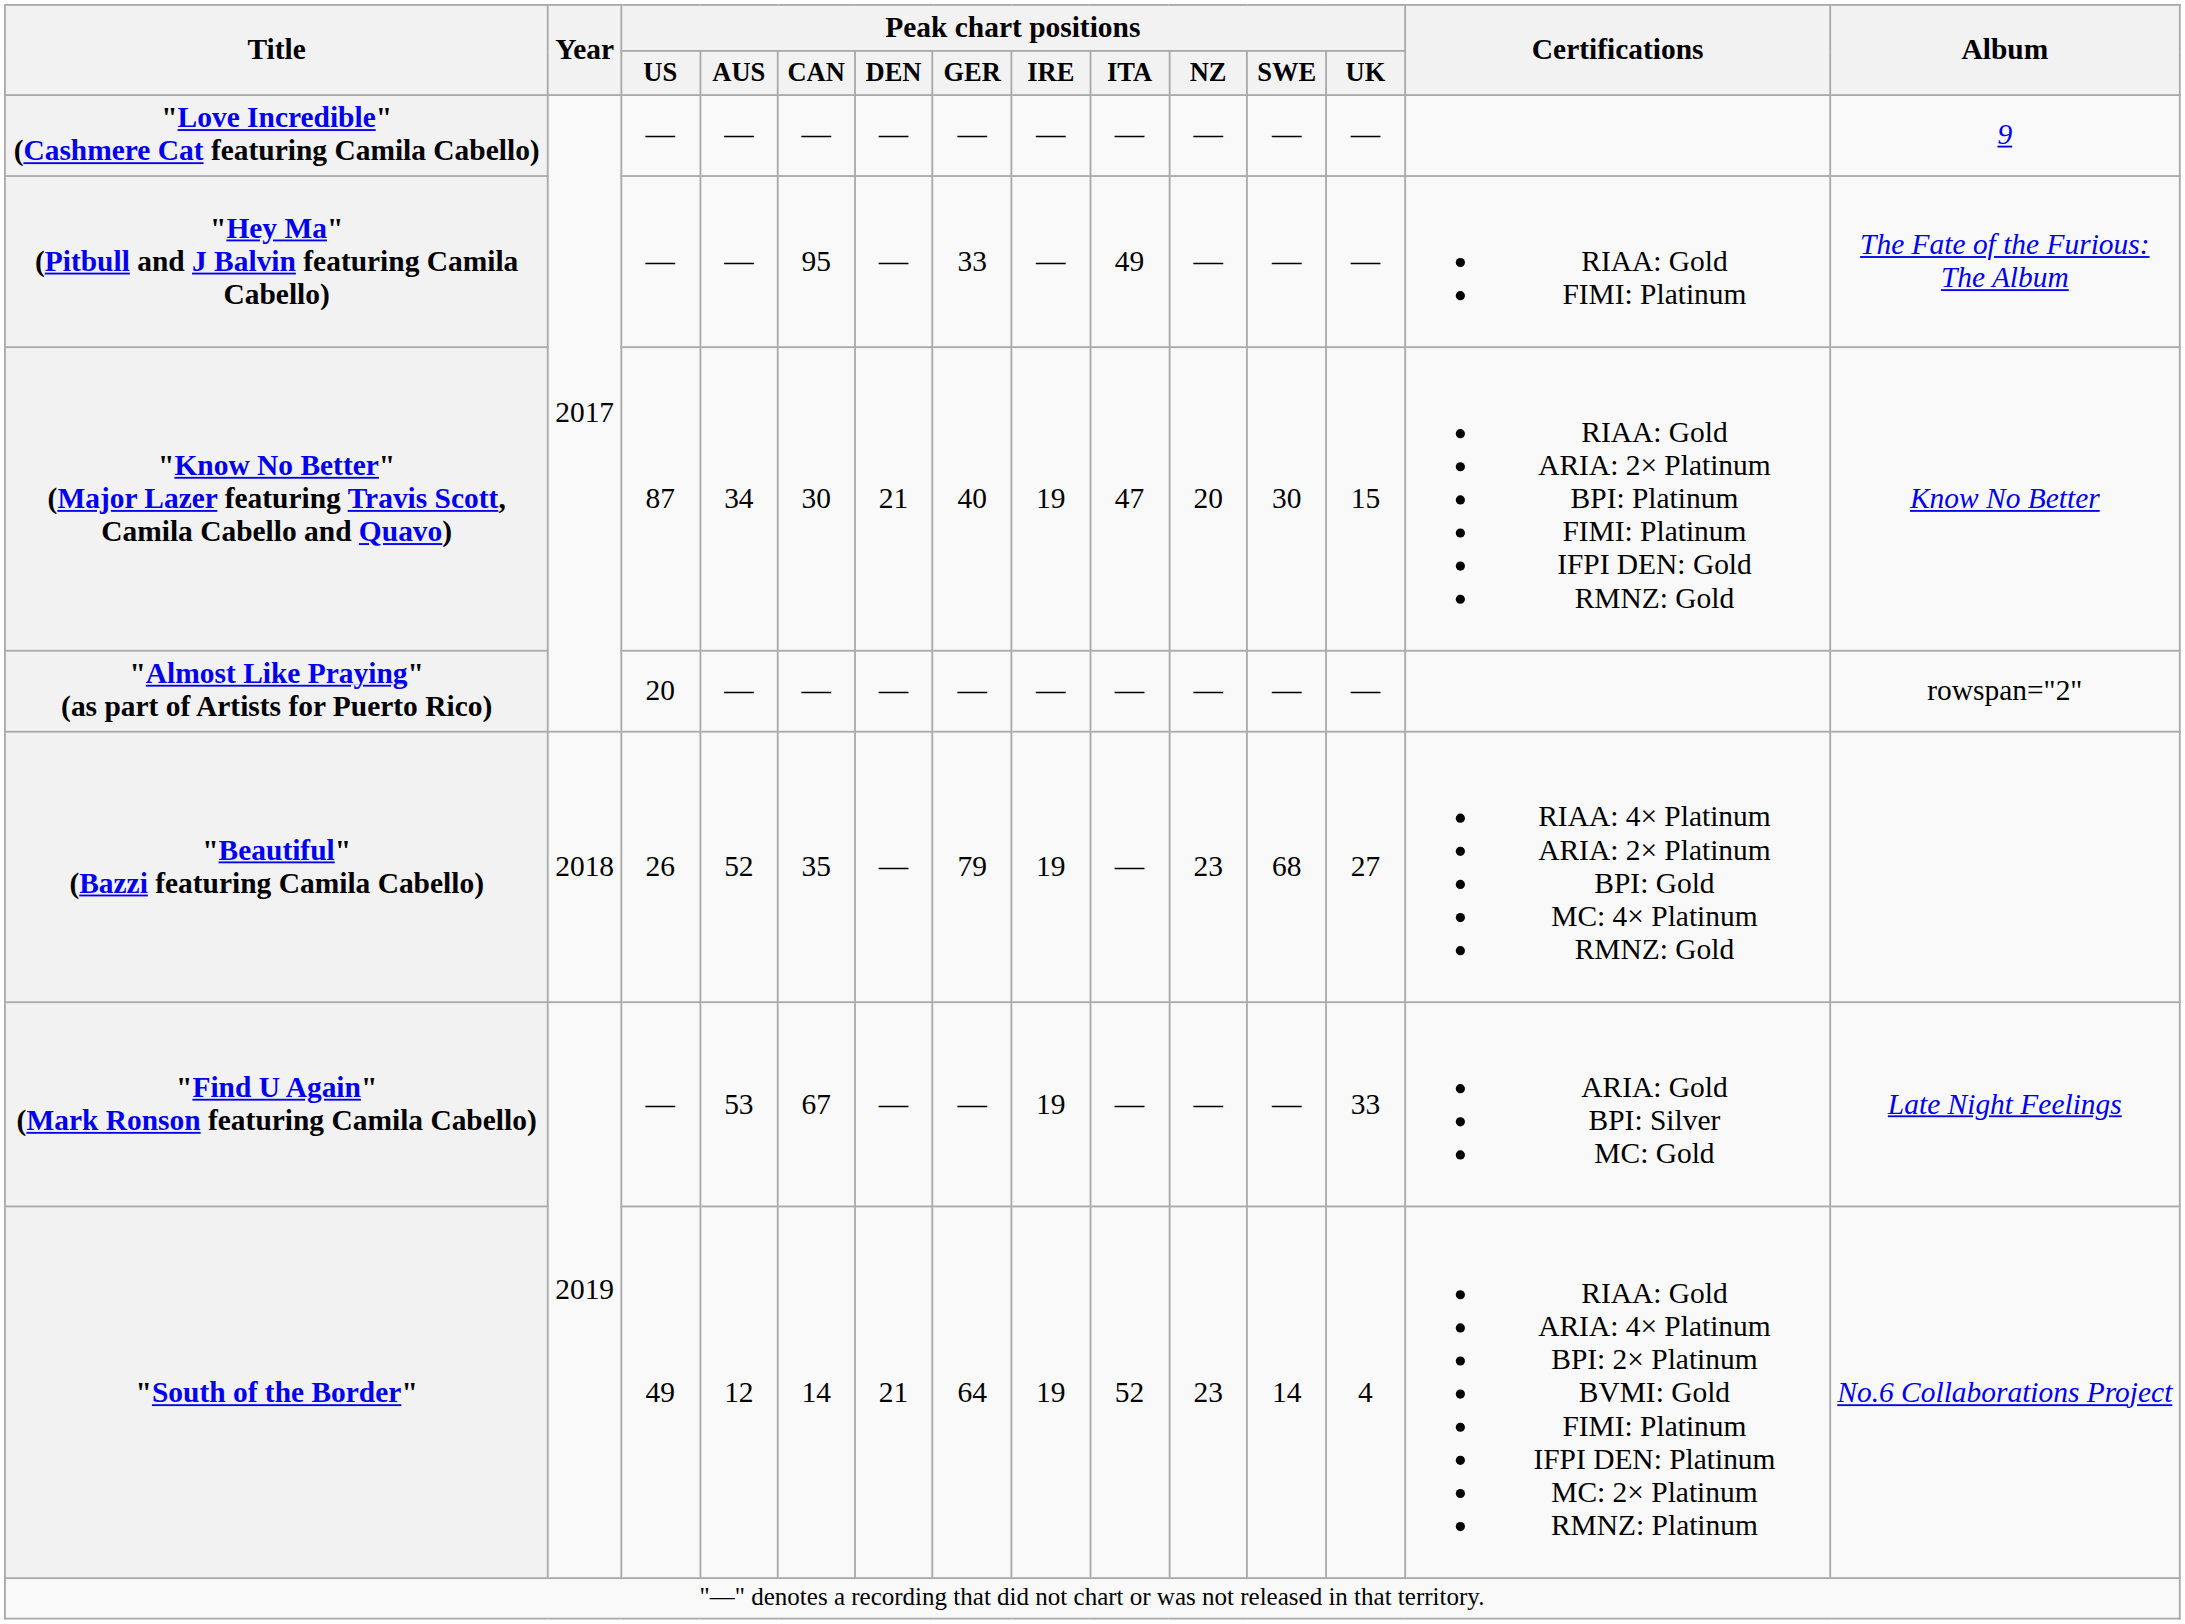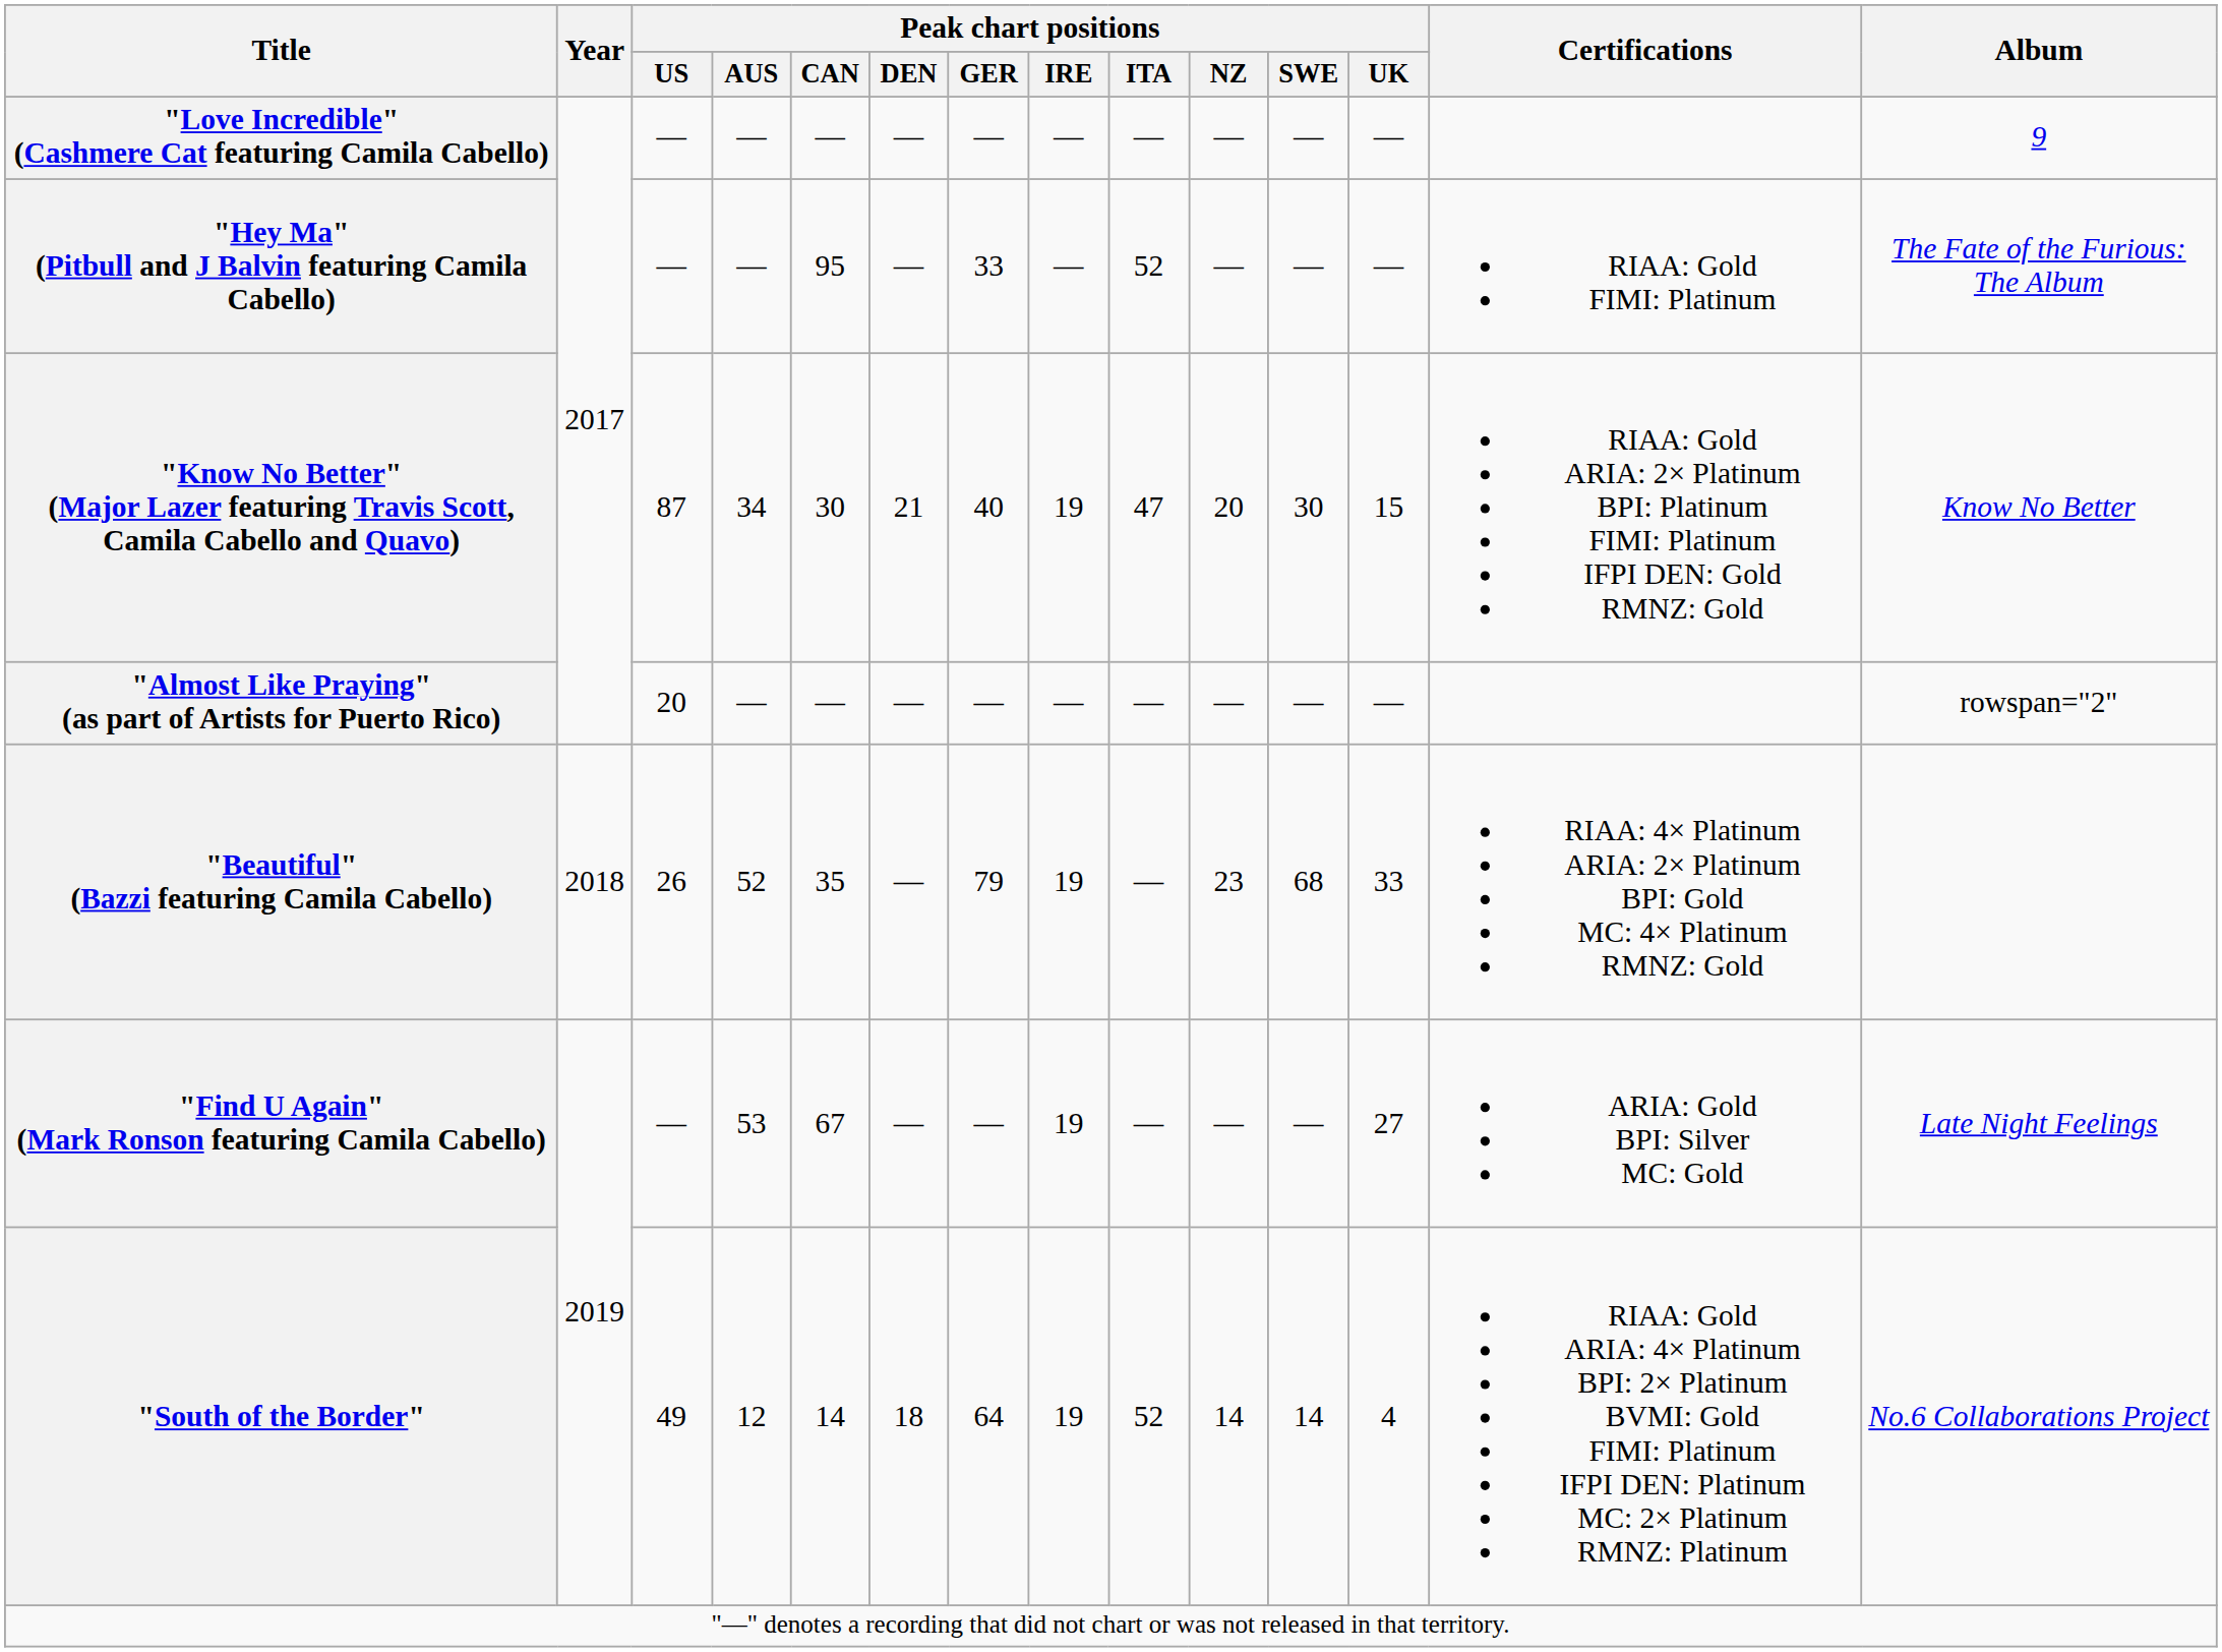 <table class="wikitable plainrowheaders" style="text-align:center;">
 <tr>
 <th scope="col" rowspan="2" style="width:18em;">Title</th>
 <th scope="col" rowspan="2">Year</th>
 <th scope="col" colspan="10">Peak chart positions</th>
 <th scope="col" rowspan="2" style="width:14em;">Certifications</th>
 <th scope="col" rowspan="2">Album</th>
 </tr>
 <tr>
 <th scope="col" style="width:2.5em;font-size:90%;">US<br></th>
 <th scope="col" style="width:2.5em;font-size:90%;">AUS<br></th>
 <th scope="col" style="width:2.4em;font-size:90%;">CAN<br></th>
 <th scope="col" style="width:2.5em;font-size:90%;">DEN<br></th>
 <th scope="col" style="width:2.5em;font-size:90%;">GER<br></th>
 <th scope="col" style="width:2.5em;font-size:90%;">IRE<br></th>
 <th scope="col" style="width:2.5em;font-size:90%;">ITA<br></th>
 <th scope="col" style="width:2.5em;font-size:90%;">NZ<br></th>
 <th scope="col" style="width:2.5em;font-size:90%;">SWE<br></th>
 <th scope="col" style="width:2.5em;font-size:90%;">UK<br></th>
 </tr>
 <tr>
 <th scope="row">"<a href='#'>Love Incredible</a>"<br><span>(<a href='#'>Cashmere Cat</a> featuring Camila Cabello)</span></th>
 <td rowspan="4">2017</td>
 <td>—</td>
 <td>—</td>
 <td>—</td>
 <td>—</td>
 <td>—</td>
 <td>—</td>
 <td>—</td>
 <td>—</td>
 <td>—</td>
 <td>—</td>
 <td></td>
 <td><em><a href='#'>9</a></em></td>
 </tr>
 <tr>
 <th scope="row">"<a href='#'>Hey Ma</a>"<br><span>(<a href='#'>Pitbull</a> and <a href='#'>J Balvin</a> featuring Camila Cabello)</span></th>
 <td>—</td>
 <td>—</td>
 <td>95</td>
 <td>—</td>
 <td>33</td>
 <td>—</td>
-<td>49</td>
+<td>52</td>
 <td>—</td>
 <td>—</td>
 <td>—</td>
 <td><br><ul><li>RIAA: Gold</li><li>FIMI: Platinum</li></ul></td>
 <td><em><a href='#'>The Fate of the Furious:<br>The Album</a></em></td>
 </tr>
 <tr>
 <th scope="row">"<a href='#'>Know No Better</a>"<br><span>(<a href='#'>Major Lazer</a> featuring <a href='#'>Travis Scott</a>, Camila Cabello and <a href='#'>Quavo</a>)</span></th>
 <td>87</td>
 <td>34</td>
 <td>30</td>
 <td>21</td>
 <td>40</td>
 <td>19</td>
 <td>47</td>
 <td>20</td>
 <td>30</td>
 <td>15</td>
 <td><br><ul><li>RIAA: Gold</li><li>ARIA: 2× Platinum</li><li>BPI: Platinum</li><li>FIMI: Platinum</li><li>IFPI DEN: Gold</li><li>RMNZ: Gold</li></ul></td>
 <td><em><a href='#'>Know No Better</a></em></td>
 </tr>
 <tr>
 <th scope="row">"<a href='#'>Almost Like Praying</a>"<br><span>(as part of Artists for Puerto Rico)</span></th>
 <td>20</td>
 <td>—</td>
 <td>—</td>
 <td>—</td>
 <td>—</td>
 <td>—</td>
 <td>—</td>
 <td>—</td>
 <td>—</td>
 <td>—</td>
 <td></td>
 <td>rowspan="2" </td>
 </tr>
 <tr>
 <th scope="row">"<a href='#'>Beautiful</a>"<br><span>(<a href='#'>Bazzi</a> featuring Camila Cabello)</span></th>
 <td>2018</td>
 <td>26</td>
 <td>52</td>
 <td>35</td>
 <td>—</td>
 <td>79</td>
 <td>19</td>
 <td>—</td>
 <td>23</td>
 <td>68</td>
-<td>27</td>
+<td>33</td>
 <td><br><ul><li>RIAA: 4× Platinum</li><li>ARIA: 2× Platinum</li><li>BPI: Gold</li><li>MC: 4× Platinum</li><li>RMNZ: Gold</li></ul></td>
 </tr>
 <tr>
 <th scope="row">"<a href='#'>Find U Again</a>"<br><span>(<a href='#'>Mark Ronson</a> featuring Camila Cabello)</span></th>
 <td rowspan="2">2019</td>
 <td>—</td>
 <td>53</td>
 <td>67</td>
 <td>—</td>
 <td>—</td>
 <td>19</td>
 <td>—</td>
 <td>—</td>
 <td>—</td>
-<td>33</td>
+<td>27</td>
 <td><br><ul><li>ARIA: Gold</li><li>BPI: Silver</li><li>MC: Gold</li></ul></td>
 <td><em><a href='#'>Late Night Feelings</a></em></td>
 </tr>
 <tr>
 <th scope="row">"<a href='#'>South of the Border</a>"<br></th>
 <td>49</td>
 <td>12</td>
 <td>14</td>
-<td>21</td>
+<td>18</td>
 <td>64</td>
 <td>19</td>
 <td>52</td>
-<td>23</td>
+<td>14</td>
 <td>14</td>
 <td>4</td>
 <td><br><ul><li>RIAA: Gold</li><li>ARIA: 4× Platinum</li><li>BPI: 2× Platinum</li><li>BVMI: Gold</li><li>FIMI: Platinum</li><li>IFPI DEN: Platinum</li><li>MC: 2× Platinum</li><li>RMNZ: Platinum</li></ul></td>
 <td><em><a href='#'>No.6 Collaborations Project</a></em></td>
 </tr>
 <tr>
 <td colspan="15" style="text-align:center; font-size:85%;">"—" denotes a recording that did not chart or was not released in that territory.</td>
 </tr>
 </table>
